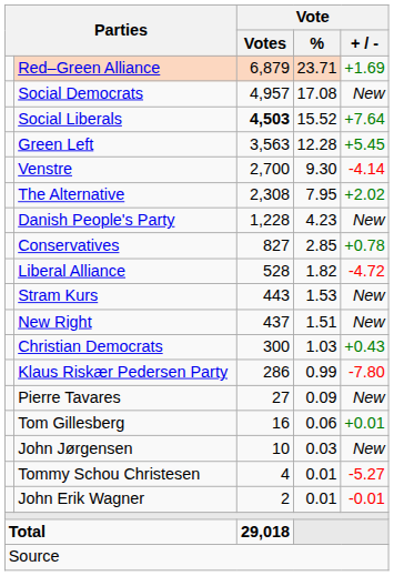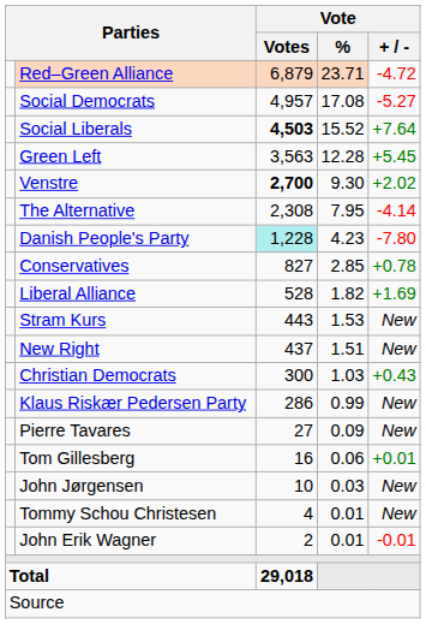 <table class="wikitable" style="text-align:right;">
 <tr>
 <th style="text-align:centre;" rowspan="2" colspan="2" width="225">Parties</th>
 <th colspan="3">Vote</th>
 </tr>
 <tr>
 <th width="15">Votes</th>
 <th width="15">%</th>
 <th width="15">+ / -</th>
 </tr>
 <tr>
 <td width="2" style="color:inherit;background:"></td>
 <td bgcolor=#fcd7c0  align="left"><a href='#'>Red–Green Alliance</a></td>
 <td bgcolor=#fcd7c0>6,879</td>
 <td bgcolor=#fcd7c0>23.71</td>
-<td style=color:green;>+1.69</td>
+<td style=color:red;>-4.72</td>
 </tr>
 <tr>
 <td width="2" style="color:inherit;background:"></td>
 <td align="left"><a href='#'>Social Democrats</a></td>
 <td>4,957</td>
 <td>17.08</td>
-<td><em>New</em></td>
+<td style=color:red;>-5.27</td>
 </tr>
 <tr>
 <td width="2" style="color:inherit;background:"></td>
 <td align="left"><a href='#'>Social Liberals</a></td>
 <td><strong>4,503</strong></td>
 <td>15.52</td>
 <td style=color:green;>+7.64</td>
 </tr>
 <tr>
 <td width="2" style="color:inherit;background:"></td>
 <td align="left"><a href='#'>Green Left</a></td>
 <td>3,563</td>
 <td>12.28</td>
 <td style=color:green;>+5.45</td>
 </tr>
 <tr>
 <td width="2" style="color:inherit;background:"></td>
 <td align="left"><a href='#'>Venstre</a></td>
-<td>2,700</td>
+<td><strong>2,700</strong></td>
 <td>9.30</td>
-<td style=color:red;>-4.14</td>
+<td style=color:green;>+2.02</td>
 </tr>
 <tr>
 <td width="2" style="color:inherit;background:"></td>
 <td align="left"><a href='#'>The Alternative</a></td>
 <td>2,308</td>
 <td>7.95</td>
-<td style=color:green;>+2.02</td>
+<td style=color:red;>-4.14</td>
 </tr>
 <tr>
 <td width="2" style="color:inherit;background:"></td>
 <td align="left"><a href='#'>Danish People's Party</a></td>
-<td>1,228</td>
+<td style="background: paleturquoise;">1,228</td>
 <td>4.23</td>
-<td><em>New</em></td>
+<td style=color:red;>-7.80</td>
 </tr>
 <tr>
 <td width="2" style="color:inherit;background:"></td>
 <td align="left"><a href='#'>Conservatives</a></td>
 <td>827</td>
 <td>2.85</td>
 <td style=color:green;>+0.78</td>
 </tr>
 <tr>
 <td width="2" style="color:inherit;background:"></td>
 <td align="left"><a href='#'>Liberal Alliance</a></td>
 <td>528</td>
 <td>1.82</td>
-<td style=color:red;>-4.72</td>
+<td style=color:green;>+1.69</td>
 </tr>
 <tr>
 <td width="2" style="color:inherit;background:"></td>
 <td align="left"><a href='#'>Stram Kurs</a></td>
 <td>443</td>
 <td>1.53</td>
 <td><em>New</em></td>
 </tr>
 <tr>
 <td width="2" style="color:inherit;background:"></td>
 <td align="left"><a href='#'>New Right</a></td>
 <td>437</td>
 <td>1.51</td>
 <td><em>New</em></td>
 </tr>
 <tr>
 <td width="2" style="color:inherit;background:"></td>
 <td align="left"><a href='#'>Christian Democrats</a></td>
 <td>300</td>
 <td>1.03</td>
 <td style=color:green;>+0.43</td>
 </tr>
 <tr>
 <td width="2" style="color:inherit;background:"></td>
 <td align="left"><a href='#'>Klaus Riskær Pedersen Party</a></td>
 <td>286</td>
 <td>0.99</td>
-<td style=color:red;>-7.80</td>
+<td><em>New</em></td>
 </tr>
 <tr>
 <td width="2" style="color:inherit;background:"></td>
 <td align="left">Pierre Tavares</td>
 <td>27</td>
 <td>0.09</td>
 <td><em>New</em></td>
 </tr>
 <tr>
 <td width="2" style="color:inherit;background:"></td>
 <td align="left">Tom Gillesberg</td>
 <td>16</td>
 <td>0.06</td>
 <td style=color:green;>+0.01</td>
 </tr>
 <tr>
 <td width="2" style="color:inherit;background:"></td>
 <td align="left">John Jørgensen</td>
 <td>10</td>
 <td>0.03</td>
 <td><em>New</em></td>
 </tr>
 <tr>
 <td width="2" style="color:inherit;background:"></td>
 <td align="left">Tommy Schou Christesen</td>
 <td>4</td>
 <td>0.01</td>
-<td style=color:red;>-5.27</td>
+<td><em>New</em></td>
 </tr>
 <tr>
 <td width="2" style="color:inherit;background:"></td>
 <td align="left">John Erik Wagner</td>
 <td>2</td>
 <td>0.01</td>
 <td style=color:red;>-0.01</td>
 </tr>
 <tr>
 <td colspan="7" bgcolor="#E9E9E9"></td>
 </tr>
 <tr>
 <td align="left" colspan="2"><strong>Total</strong></td>
 <td><strong>29,018</strong></td>
 <td bgcolor="#E9E9E9" colspan="2"></td>
 </tr>
 <tr>
 <td align="left" colspan="6">Source</td>
 </tr>
 </table>
